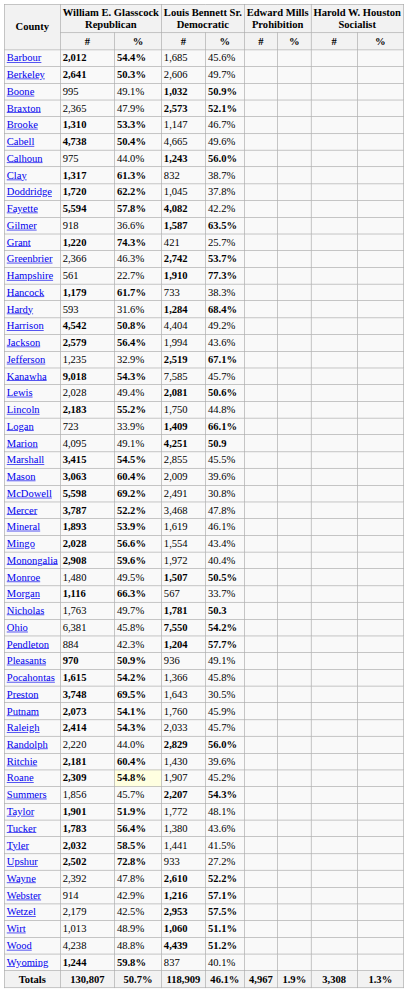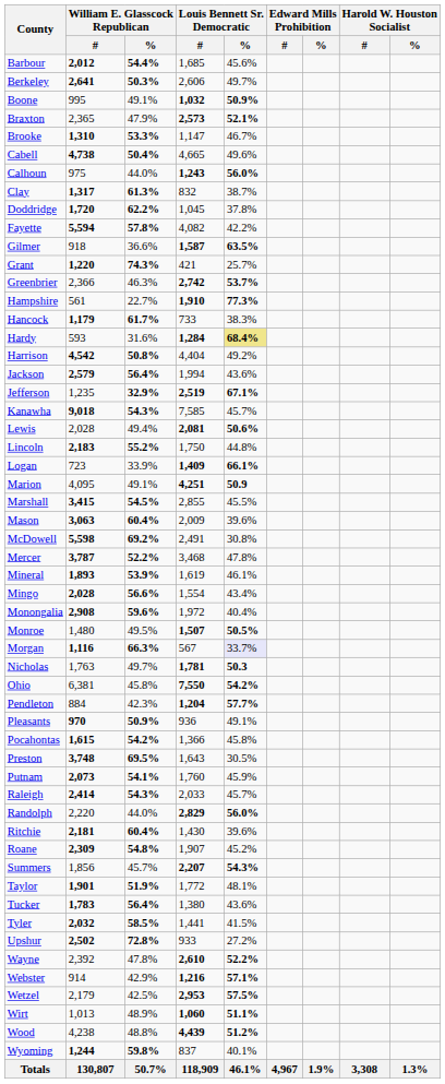 <table class="wikitable sortable mw-collapsible mw-collapsed">
 <tr>
 <th rowspan="2">County</th>
 <th colspan="2">William E. Glasscock<br>Republican</th>
 <th colspan="2">Louis Bennett Sr.<br>Democratic</th>
 <th colspan="2">Edward Mills<br>Prohibition</th>
 <th colspan="2">Harold W. Houston<br>Socialist</th>
 </tr>
 <tr style="text-align:center;">
 <th style="text-align:center;" data-sort-type="number">#</th>
 <th style="text-align:center;" data-sort-type="number">%</th>
 <th style="text-align:center;" data-sort-type="number">#</th>
 <th style="text-align:center;" data-sort-type="number">%</th>
 <th style="text-align:center;" data-sort-type="number">#</th>
 <th style="text-align:center;" data-sort-type="number">%</th>
 <th style="text-align:center;" data-sort-type="number">#</th>
 <th style="text-align:center;" data-sort-type="number">%</th>
 </tr>
 <tr>
 <td><a href='#'>Barbour</a></td>
 <td><strong>2,012</strong></td>
 <td><strong>54.4%</strong></td>
 <td>1,685</td>
 <td>45.6%</td>
 <td></td>
 <td></td>
 <td></td>
 <td></td>
 </tr>
 <tr>
 <td><a href='#'>Berkeley</a></td>
 <td><strong>2,641</strong></td>
 <td><strong>50.3%</strong></td>
 <td>2,606</td>
 <td>49.7%</td>
 <td></td>
 <td></td>
 <td></td>
 <td></td>
 </tr>
 <tr>
 <td><a href='#'>Boone</a></td>
 <td>995</td>
 <td>49.1%</td>
 <td><strong>1,032</strong></td>
 <td><strong>50.9%</strong></td>
 <td></td>
 <td></td>
 <td></td>
 <td></td>
 </tr>
 <tr>
 <td><a href='#'>Braxton</a></td>
 <td>2,365</td>
 <td>47.9%</td>
 <td><strong>2,573</strong></td>
 <td><strong>52.1%</strong></td>
 <td></td>
 <td></td>
 <td></td>
 <td></td>
 </tr>
 <tr>
 <td><a href='#'>Brooke</a></td>
 <td><strong>1,310</strong></td>
 <td><strong>53.3%</strong></td>
 <td>1,147</td>
 <td>46.7%</td>
 <td></td>
 <td></td>
 <td></td>
 <td></td>
 </tr>
 <tr>
 <td><a href='#'>Cabell</a></td>
 <td><strong>4,738</strong></td>
 <td><strong>50.4%</strong></td>
 <td>4,665</td>
 <td>49.6%</td>
 <td></td>
 <td></td>
 <td></td>
 <td></td>
 </tr>
 <tr>
 <td><a href='#'>Calhoun</a></td>
 <td>975</td>
 <td>44.0%</td>
 <td><strong>1,243</strong></td>
 <td><strong>56.0%</strong></td>
 <td></td>
 <td></td>
 <td></td>
 <td></td>
 </tr>
 <tr>
 <td><a href='#'>Clay</a></td>
 <td><strong>1,317</strong></td>
 <td><strong>61.3%</strong></td>
 <td>832</td>
 <td>38.7%</td>
 <td></td>
 <td></td>
 <td></td>
 <td></td>
 </tr>
 <tr>
 <td><a href='#'>Doddridge</a></td>
 <td><strong>1,720</strong></td>
 <td><strong>62.2%</strong></td>
 <td>1,045</td>
 <td>37.8%</td>
 <td></td>
 <td></td>
 <td></td>
 <td></td>
 </tr>
 <tr>
 <td><a href='#'>Fayette</a></td>
 <td><strong>5,594</strong></td>
 <td><strong>57.8%</strong></td>
-<td><strong>4,082</strong></td>
+<td>4,082</td>
 <td>42.2%</td>
 <td></td>
 <td></td>
 <td></td>
 <td></td>
 </tr>
 <tr>
 <td><a href='#'>Gilmer</a></td>
 <td>918</td>
 <td>36.6%</td>
 <td><strong>1,587</strong></td>
 <td><strong>63.5%</strong></td>
 <td></td>
 <td></td>
 <td></td>
 <td></td>
 </tr>
 <tr>
 <td><a href='#'>Grant</a></td>
 <td><strong>1,220</strong></td>
 <td><strong>74.3%</strong></td>
 <td>421</td>
 <td>25.7%</td>
 <td></td>
 <td></td>
 <td></td>
 <td></td>
 </tr>
 <tr>
 <td><a href='#'>Greenbrier</a></td>
 <td>2,366</td>
 <td>46.3%</td>
 <td><strong>2,742</strong></td>
 <td><strong>53.7%</strong></td>
 <td></td>
 <td></td>
 <td></td>
 <td></td>
 </tr>
 <tr>
 <td><a href='#'>Hampshire</a></td>
 <td>561</td>
 <td>22.7%</td>
 <td><strong>1,910</strong></td>
 <td><strong>77.3%</strong></td>
 <td></td>
 <td></td>
 <td></td>
 <td></td>
 </tr>
 <tr>
 <td><a href='#'>Hancock</a></td>
 <td><strong>1,179</strong></td>
 <td><strong>61.7%</strong></td>
 <td>733</td>
 <td>38.3%</td>
 <td></td>
 <td></td>
 <td></td>
 <td></td>
 </tr>
 <tr>
 <td><a href='#'>Hardy</a></td>
 <td>593</td>
 <td>31.6%</td>
 <td><strong>1,284</strong></td>
-<td><strong>68.4%</strong></td>
+<td style="background: khaki;"><strong>68.4%</strong></td>
 <td></td>
 <td></td>
 <td></td>
 <td></td>
 </tr>
 <tr>
 <td><a href='#'>Harrison</a></td>
 <td><strong>4,542</strong></td>
 <td><strong>50.8%</strong></td>
 <td>4,404</td>
 <td>49.2%</td>
 <td></td>
 <td></td>
 <td></td>
 <td></td>
 </tr>
 <tr>
 <td><a href='#'>Jackson</a></td>
 <td><strong>2,579</strong></td>
 <td><strong>56.4%</strong></td>
 <td>1,994</td>
 <td>43.6%</td>
 <td></td>
 <td></td>
 <td></td>
 <td></td>
 </tr>
 <tr>
 <td><a href='#'>Jefferson</a></td>
 <td>1,235</td>
-<td>32.9%</td>
+<td><strong>32.9%</strong></td>
 <td><strong>2,519</strong></td>
 <td><strong>67.1%</strong></td>
 <td></td>
 <td></td>
 <td></td>
 <td></td>
 </tr>
 <tr>
 <td><a href='#'>Kanawha</a></td>
 <td><strong>9,018</strong></td>
 <td><strong>54.3%</strong></td>
 <td>7,585</td>
 <td>45.7%</td>
 <td></td>
 <td></td>
 <td></td>
 <td></td>
 </tr>
 <tr>
 <td><a href='#'>Lewis</a></td>
 <td>2,028</td>
 <td>49.4%</td>
 <td><strong>2,081</strong></td>
 <td><strong>50.6%</strong></td>
 <td></td>
 <td></td>
 <td></td>
 <td></td>
 </tr>
 <tr>
 <td><a href='#'>Lincoln</a></td>
 <td><strong>2,183</strong></td>
 <td><strong>55.2%</strong></td>
 <td>1,750</td>
 <td>44.8%</td>
 <td></td>
 <td></td>
 <td></td>
 <td></td>
 </tr>
 <tr>
 <td><a href='#'>Logan</a></td>
 <td>723</td>
 <td>33.9%</td>
 <td><strong>1,409</strong></td>
 <td><strong>66.1%</strong></td>
 <td></td>
 <td></td>
 <td></td>
 <td></td>
 </tr>
 <tr>
 <td><a href='#'>Marion</a></td>
 <td>4,095</td>
 <td>49.1%</td>
 <td><strong>4,251</strong></td>
 <td><strong>50.9</strong></td>
 <td></td>
 <td></td>
 <td></td>
 <td></td>
 </tr>
 <tr>
 <td><a href='#'>Marshall</a></td>
 <td><strong>3,415</strong></td>
 <td><strong>54.5%</strong></td>
 <td>2,855</td>
 <td>45.5%</td>
 <td></td>
 <td></td>
 <td></td>
 <td></td>
 </tr>
 <tr>
 <td><a href='#'>Mason</a></td>
 <td><strong>3,063</strong></td>
 <td><strong>60.4%</strong></td>
 <td>2,009</td>
 <td>39.6%</td>
 <td></td>
 <td></td>
 <td></td>
 <td></td>
 </tr>
 <tr>
 <td><a href='#'>McDowell</a></td>
 <td><strong>5,598</strong></td>
 <td><strong>69.2%</strong></td>
 <td>2,491</td>
 <td>30.8%</td>
 <td></td>
 <td></td>
 <td></td>
 <td></td>
 </tr>
 <tr>
 <td><a href='#'>Mercer</a></td>
 <td><strong>3,787</strong></td>
 <td><strong>52.2%</strong></td>
 <td>3,468</td>
 <td>47.8%</td>
 <td></td>
 <td></td>
 <td></td>
 <td></td>
 </tr>
 <tr>
 <td><a href='#'>Mineral</a></td>
 <td><strong>1,893</strong></td>
 <td><strong>53.9%</strong></td>
 <td>1,619</td>
 <td>46.1%</td>
 <td></td>
 <td></td>
 <td></td>
 <td></td>
 </tr>
 <tr>
 <td><a href='#'>Mingo</a></td>
 <td><strong>2,028</strong></td>
 <td><strong>56.6%</strong></td>
 <td>1,554</td>
 <td>43.4%</td>
 <td></td>
 <td></td>
 <td></td>
 <td></td>
 </tr>
 <tr>
 <td><a href='#'>Monongalia</a></td>
 <td><strong>2,908</strong></td>
 <td><strong>59.6%</strong></td>
 <td>1,972</td>
 <td>40.4%</td>
 <td></td>
 <td></td>
 <td></td>
 <td></td>
 </tr>
 <tr>
 <td><a href='#'>Monroe</a></td>
 <td>1,480</td>
 <td>49.5%</td>
 <td><strong>1,507</strong></td>
 <td><strong>50.5%</strong></td>
 <td></td>
 <td></td>
 <td></td>
 <td></td>
 </tr>
 <tr>
 <td><a href='#'>Morgan</a></td>
 <td><strong>1,116</strong></td>
 <td><strong>66.3%</strong></td>
 <td>567</td>
-<td>33.7%</td>
+<td style="background: lavender;">33.7%</td>
 <td></td>
 <td></td>
 <td></td>
 <td></td>
 </tr>
 <tr>
 <td><a href='#'>Nicholas</a></td>
 <td>1,763</td>
 <td>49.7%</td>
 <td><strong>1,781</strong></td>
 <td><strong>50.3</strong></td>
 <td></td>
 <td></td>
 <td></td>
 <td></td>
 </tr>
 <tr>
 <td><a href='#'>Ohio</a></td>
 <td>6,381</td>
 <td>45.8%</td>
 <td><strong>7,550</strong></td>
 <td><strong>54.2%</strong></td>
 <td></td>
 <td></td>
 <td></td>
 <td></td>
 </tr>
 <tr>
 <td><a href='#'>Pendleton</a></td>
 <td>884</td>
 <td>42.3%</td>
 <td><strong>1,204</strong></td>
 <td><strong>57.7%</strong></td>
 <td></td>
 <td></td>
 <td></td>
 <td></td>
 </tr>
 <tr>
 <td><a href='#'>Pleasants</a></td>
 <td><strong>970</strong></td>
 <td><strong>50.9%</strong></td>
 <td>936</td>
 <td>49.1%</td>
 <td></td>
 <td></td>
 <td></td>
 <td></td>
 </tr>
 <tr>
 <td><a href='#'>Pocahontas</a></td>
 <td><strong>1,615</strong></td>
 <td><strong>54.2%</strong></td>
 <td>1,366</td>
 <td>45.8%</td>
 <td></td>
 <td></td>
 <td></td>
 <td></td>
 </tr>
 <tr>
 <td><a href='#'>Preston</a></td>
 <td><strong>3,748</strong></td>
 <td><strong>69.5%</strong></td>
 <td>1,643</td>
 <td>30.5%</td>
 <td></td>
 <td></td>
 <td></td>
 <td></td>
 </tr>
 <tr>
 <td><a href='#'>Putnam</a></td>
 <td><strong>2,073</strong></td>
 <td><strong>54.1%</strong></td>
 <td>1,760</td>
 <td>45.9%</td>
 <td></td>
 <td></td>
 <td></td>
 <td></td>
 </tr>
 <tr>
 <td><a href='#'>Raleigh</a></td>
 <td><strong>2,414</strong></td>
 <td><strong>54.3%</strong></td>
 <td>2,033</td>
 <td>45.7%</td>
 <td></td>
 <td></td>
 <td></td>
 <td></td>
 </tr>
 <tr>
 <td><a href='#'>Randolph</a></td>
 <td>2,220</td>
 <td>44.0%</td>
 <td><strong>2,829</strong></td>
 <td><strong>56.0%</strong></td>
 <td></td>
 <td></td>
 <td></td>
 <td></td>
 </tr>
 <tr>
 <td><a href='#'>Ritchie</a></td>
 <td><strong>2,181</strong></td>
 <td><strong>60.4%</strong></td>
 <td>1,430</td>
 <td>39.6%</td>
 <td></td>
 <td></td>
 <td></td>
 <td></td>
 </tr>
 <tr>
 <td><a href='#'>Roane</a></td>
 <td><strong>2,309</strong></td>
-<td style="background: lightyellow;"><strong>54.8%</strong></td>
+<td><strong>54.8%</strong></td>
 <td>1,907</td>
 <td>45.2%</td>
 <td></td>
 <td></td>
 <td></td>
 <td></td>
 </tr>
 <tr>
 <td><a href='#'>Summers</a></td>
 <td>1,856</td>
 <td>45.7%</td>
 <td><strong>2,207</strong></td>
 <td><strong>54.3%</strong></td>
 <td></td>
 <td></td>
 <td></td>
 <td></td>
 </tr>
 <tr>
 <td><a href='#'>Taylor</a></td>
 <td><strong>1,901</strong></td>
 <td><strong>51.9%</strong></td>
 <td>1,772</td>
 <td>48.1%</td>
 <td></td>
 <td></td>
 <td></td>
 <td></td>
 </tr>
 <tr>
 <td><a href='#'>Tucker</a></td>
 <td><strong>1,783</strong></td>
 <td><strong>56.4%</strong></td>
 <td>1,380</td>
 <td>43.6%</td>
 <td></td>
 <td></td>
 <td></td>
 <td></td>
 </tr>
 <tr>
 <td><a href='#'>Tyler</a></td>
 <td><strong>2,032</strong></td>
 <td><strong>58.5%</strong></td>
 <td>1,441</td>
 <td>41.5%</td>
 <td></td>
 <td></td>
 <td></td>
 <td></td>
 </tr>
 <tr>
 <td><a href='#'>Upshur</a></td>
 <td><strong>2,502</strong></td>
 <td><strong>72.8%</strong></td>
 <td>933</td>
 <td>27.2%</td>
 <td></td>
 <td></td>
 <td></td>
 <td></td>
 </tr>
 <tr>
 <td><a href='#'>Wayne</a></td>
 <td>2,392</td>
 <td>47.8%</td>
 <td><strong>2,610</strong></td>
 <td><strong>52.2%</strong></td>
 <td></td>
 <td></td>
 <td></td>
 <td></td>
 </tr>
 <tr>
 <td><a href='#'>Webster</a></td>
 <td>914</td>
 <td>42.9%</td>
 <td><strong>1,216</strong></td>
 <td><strong>57.1%</strong></td>
 <td></td>
 <td></td>
 <td></td>
 <td></td>
 </tr>
 <tr>
 <td><a href='#'>Wetzel</a></td>
 <td>2,179</td>
 <td>42.5%</td>
 <td><strong>2,953</strong></td>
 <td><strong>57.5%</strong></td>
 <td></td>
 <td></td>
 <td></td>
 <td></td>
 </tr>
 <tr>
 <td><a href='#'>Wirt</a></td>
 <td>1,013</td>
 <td>48.9%</td>
 <td><strong>1,060</strong></td>
 <td><strong>51.1%</strong></td>
 <td></td>
 <td></td>
 <td></td>
 <td></td>
 </tr>
 <tr>
 <td><a href='#'>Wood</a></td>
 <td>4,238</td>
 <td>48.8%</td>
 <td><strong>4,439</strong></td>
 <td><strong>51.2%</strong></td>
 <td></td>
 <td></td>
 <td></td>
 <td></td>
 </tr>
 <tr>
 <td><a href='#'>Wyoming</a></td>
 <td><strong>1,244</strong></td>
 <td><strong>59.8%</strong></td>
 <td>837</td>
 <td>40.1%</td>
 <td></td>
 <td></td>
 <td></td>
 <td></td>
 </tr>
 <tr>
 <th>Totals</th>
 <th>130,807</th>
 <th>50.7%</th>
 <th>118,909</th>
 <th>46.1%</th>
 <th>4,967</th>
 <th>1.9%</th>
 <th>3,308</th>
 <th>1.3%</th>
 </tr>
 </table>
